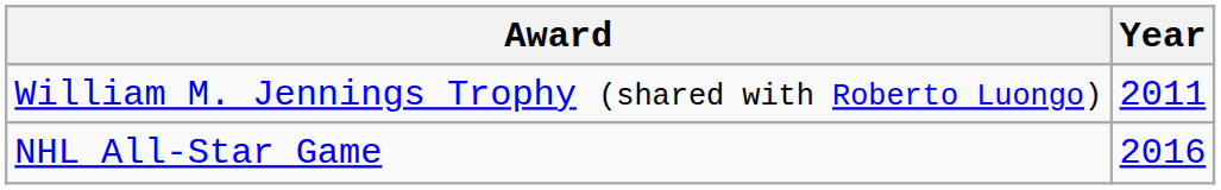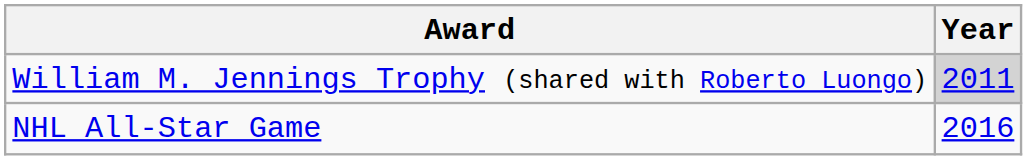 <table class="wikitable" border="1">
 <tr>
 <th>Award</th>
 <th>Year</th>
 </tr>
 <tr>
 <td><a href='#'>William M. Jennings Trophy</a> <small>(shared with <a href='#'>Roberto Luongo</a>)</small></td>
-<td><a href='#'>2011</a></td>
+<td style="background: lightgrey;"><a href='#'>2011</a></td>
 </tr>
 <tr>
 <td><a href='#'>NHL All-Star Game</a></td>
 <td><a href='#'>2016</a></td>
 </tr>
 </table>
